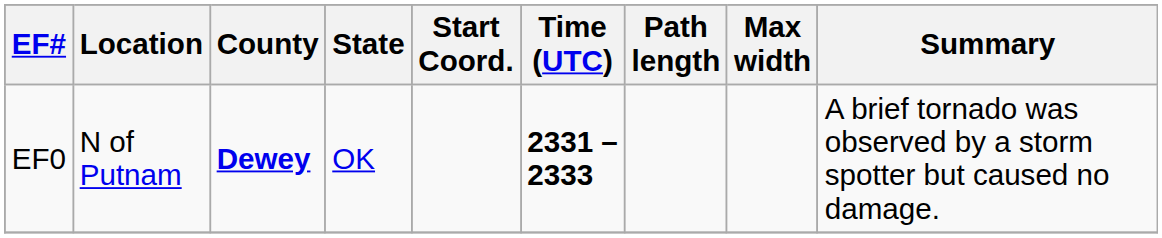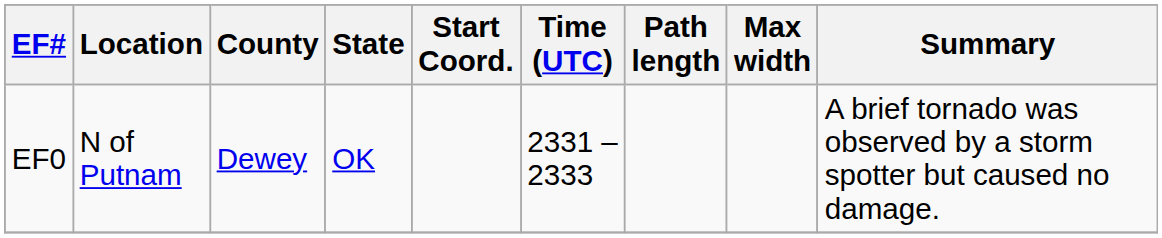 <table class="wikitable sortable" style="width:100%;">
 <tr>
 <th scope="col"  style="width:3%; text-align:center;"><a href='#'>EF#</a></th>
 <th scope="col"  style="width:7%; text-align:center;" class="unsortable">Location</th>
 <th scope="col"  style="width:6%; text-align:center;" class="unsortable">County</th>
 <th scope="col"  style="width:5%; text-align:center;">State</th>
 <th scope="col"  style="width:6%; text-align:center;">Start Coord.</th>
 <th scope="col"  style="width:6%; text-align:center;">Time (<a href='#'>UTC</a>)</th>
 <th scope="col"  style="width:6%; text-align:center;">Path length</th>
 <th scope="col"  style="width:6%; text-align:center;">Max width</th>
 <th scope="col" class="unsortable" style="width:48%; text-align:center;">Summary</th>
 </tr>
 <tr>
 <td>EF0</td>
 <td>N of <a href='#'>Putnam</a></td>
-<td><strong><a href='#'>Dewey</a></strong></td>
+<td><a href='#'>Dewey</a></td>
 <td><a href='#'>OK</a></td>
 <td></td>
-<td><strong>2331 – 2333</strong></td>
+<td>2331 – 2333</td>
 <td></td>
 <td></td>
 <td>A brief tornado was observed by a storm spotter but caused no damage.</td>
 </tr>
 <tr>
 </tr>
 </table>
